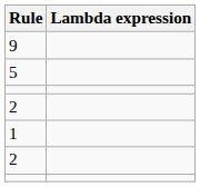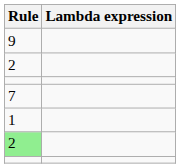 <table class="wikitable mw-collapsible mw-collapsed">
 <tr>
 <th>Rule</th>
 <th>Lambda expression</th>
 </tr>
 <tr>
 <td>9</td>
 <td></td>
 </tr>
 <tr>
-<td>5</td>
+<td>2</td>
 <td></td>
 </tr>
 <tr>
 <td></td>
 <td></td>
 </tr>
 <tr>
-<td>2</td>
+<td>7</td>
 <td></td>
 </tr>
 <tr>
 <td>1</td>
 <td></td>
 </tr>
 <tr>
-<td>2</td>
+<td style="background: lightgreen;">2</td>
 <td></td>
 </tr>
 <tr>
 <td></td>
 <td></td>
 </tr>
 </table>
